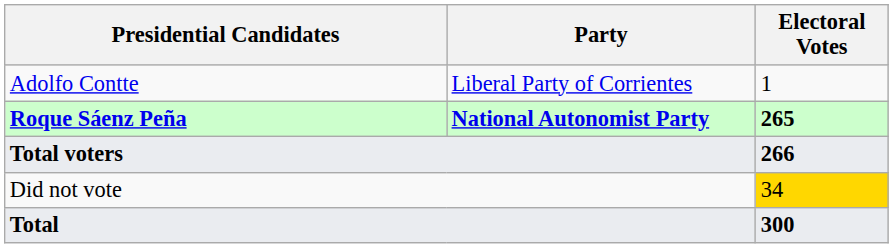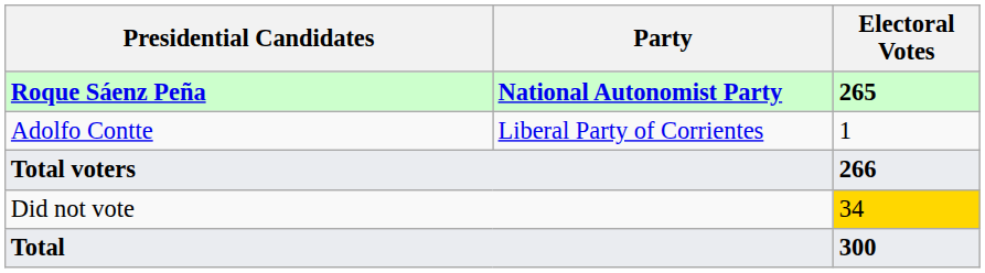 <table class="wikitable" width="50%">
 <tr>
 <th width="50%">Presidential Candidates</th>
 <th width="35%">Party</th>
 <th width="15%">Electoral Votes</th>
 </tr>
+<tr style="background:#cfc;">
+<td><strong><a href='#'>Roque Sáenz Peña</a></strong></td>
+<td><strong><a href='#'>National Autonomist Party</a></strong></td>
+<td><strong>265</strong></td>
+</tr>
 <tr>
 <td><a href='#'>Adolfo Contte</a></td>
 <td><a href='#'>Liberal Party of Corrientes</a></td>
 <td>1</td>
-</tr>
-<tr style="background:#cfc;">
-<td><strong><a href='#'>Roque Sáenz Peña</a></strong></td>
-<td><strong><a href='#'>National Autonomist Party</a></strong></td>
-<td><strong>265</strong></td>
 </tr>
 <tr style="background:#EAECF0;">
 <td colspan=2><strong>Total voters</strong></td>
 <td><strong>266</strong></td>
 </tr>
 <tr>
 <td colspan=2>Did not vote</td>
 <td style="background: gold;">34</td>
 </tr>
 <tr style="background:#EAECF0;">
 <td colspan=2><strong>Total</strong></td>
 <td><strong>300</strong></td>
 </tr>
 </table>
